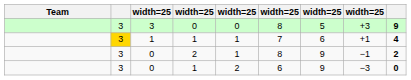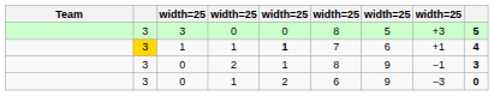 <table class="wikitable sortable" style="text-align: center; font-size: 90%;">
 <tr>
 <th width=165>Team</th>
 <th width=25></th>
 <th>width=25</th>
 <th>width=25</th>
 <th>width=25</th>
 <th>width=25</th>
 <th>width=25</th>
 <th>width=25</th>
 <th width=25></th>
 </tr>
 <tr style="background:#ccffcc">
 <td style="text-align:left;"></td>
 <td>3</td>
 <td>3</td>
 <td>0</td>
 <td>0</td>
 <td>8</td>
 <td>5</td>
 <td>+3</td>
-<td><strong>9</strong></td>
+<td><strong>5</strong></td>
 </tr>
 <tr>
 <td style="text-align:left;"></td>
 <td style="background: gold;">3</td>
 <td>1</td>
 <td>1</td>
-<td>1</td>
+<td><strong>1</strong></td>
 <td>7</td>
 <td>6</td>
 <td>+1</td>
 <td><strong>4</strong></td>
 </tr>
 <tr>
 <td style="text-align:left;"></td>
 <td>3</td>
 <td>0</td>
 <td>2</td>
 <td>1</td>
 <td>8</td>
 <td>9</td>
 <td>−1</td>
-<td><strong>2</strong></td>
+<td><strong>3</strong></td>
 </tr>
 <tr>
 <td style="text-align:left;"></td>
 <td>3</td>
 <td>0</td>
 <td>1</td>
 <td>2</td>
 <td>6</td>
 <td>9</td>
 <td>−3</td>
 <td><strong>0</strong></td>
 </tr>
 </table>
